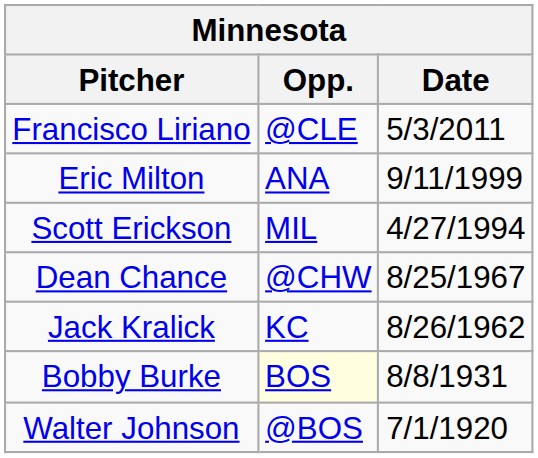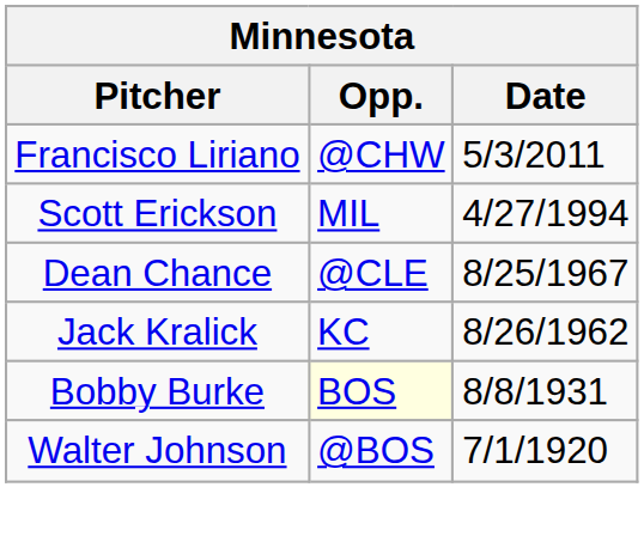 <table class="wikitable" style="font-size: 95%; text-align:left;">
 <tr>
 <th colspan="3">Minnesota</th>
 </tr>
 <tr>
 <th>Pitcher</th>
 <th>Opp.</th>
 <th>Date</th>
 </tr>
 <tr>
 <td align="center"><a href='#'>Francisco Liriano</a></td>
-<td><a href='#'>@CLE</a></td>
+<td><a href='#'>@CHW</a></td>
 <td>5/3/2011</td>
-</tr>
-<tr>
-<td align="center"><a href='#'>Eric Milton</a></td>
-<td><a href='#'>ANA</a></td>
-<td>9/11/1999</td>
 </tr>
 <tr>
 <td align="center"><a href='#'>Scott Erickson</a></td>
 <td><a href='#'>MIL</a></td>
 <td>4/27/1994</td>
 </tr>
 <tr>
 <td align="center"><a href='#'>Dean Chance</a></td>
-<td><a href='#'>@CHW</a></td>
+<td><a href='#'>@CLE</a></td>
 <td>8/25/1967</td>
 </tr>
 <tr>
 <td align="center"><a href='#'>Jack Kralick</a></td>
 <td><a href='#'>KC</a></td>
 <td>8/26/1962</td>
 </tr>
 <tr>
 <td align="center"><a href='#'>Bobby Burke</a></td>
 <td style="background: lightyellow;"><a href='#'>BOS</a></td>
 <td>8/8/1931</td>
 </tr>
 <tr>
 <td align="center"><a href='#'>Walter Johnson</a></td>
 <td><a href='#'>@BOS</a></td>
 <td>7/1/1920</td>
 </tr>
 </table>
